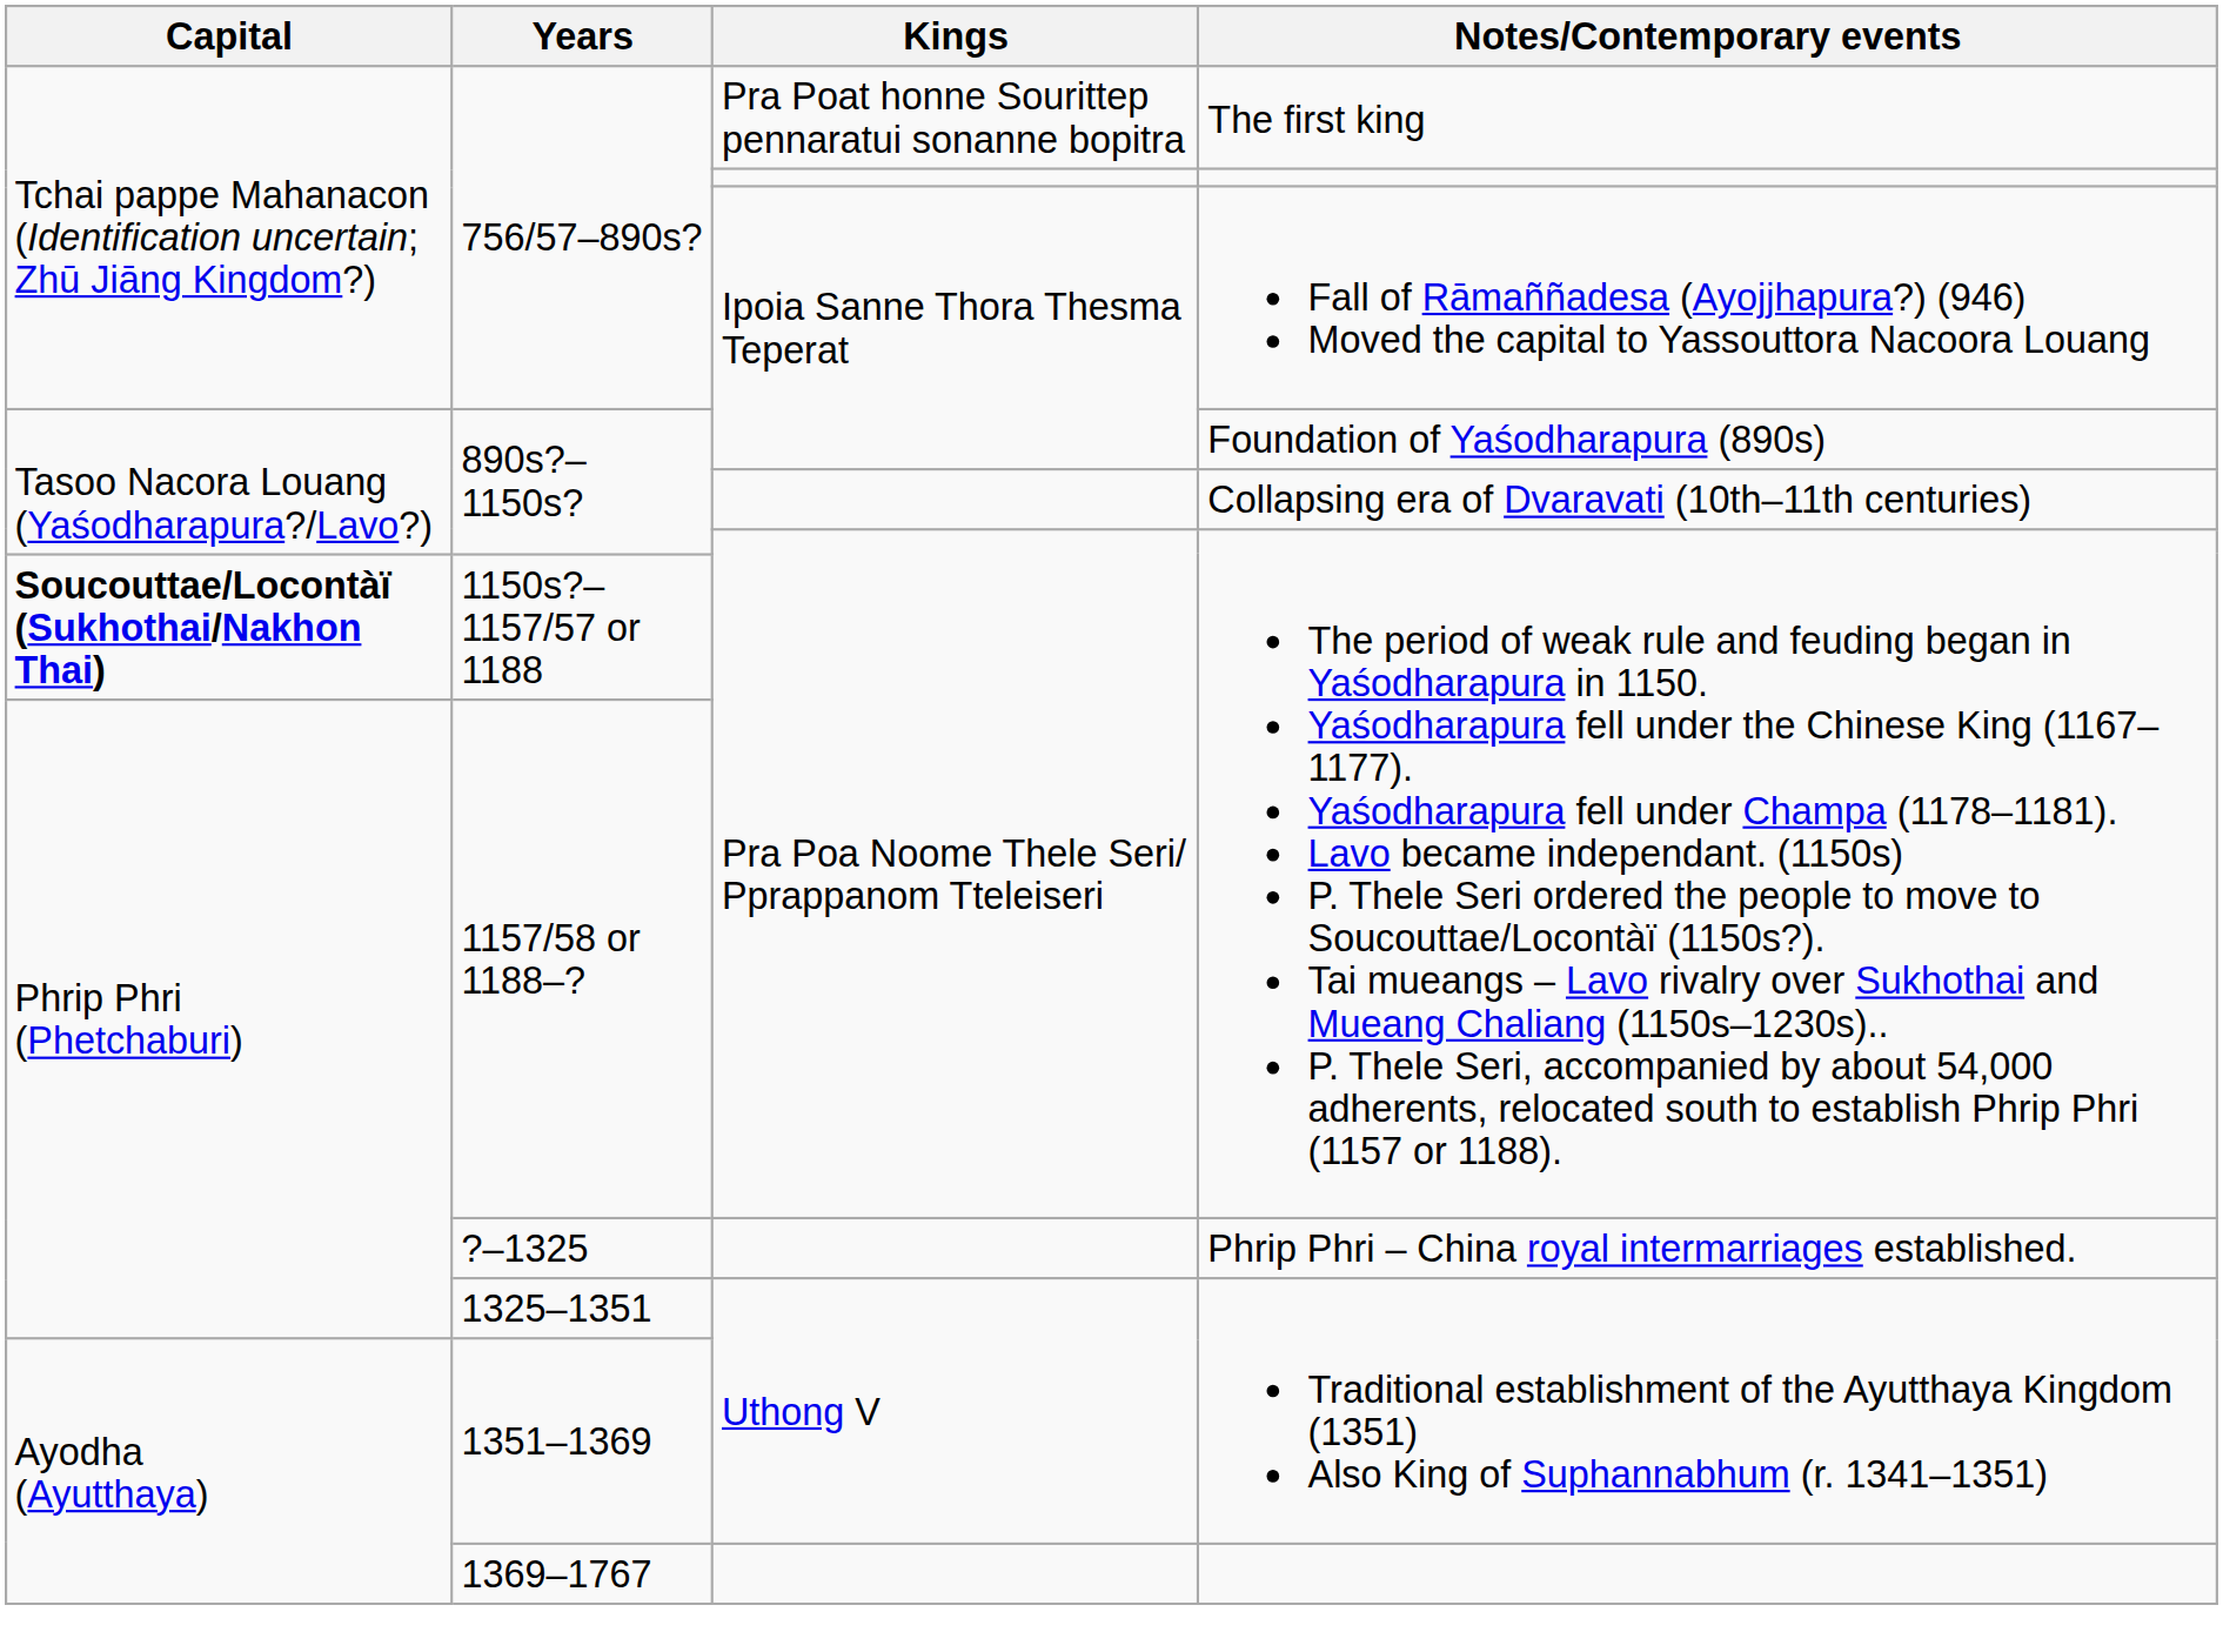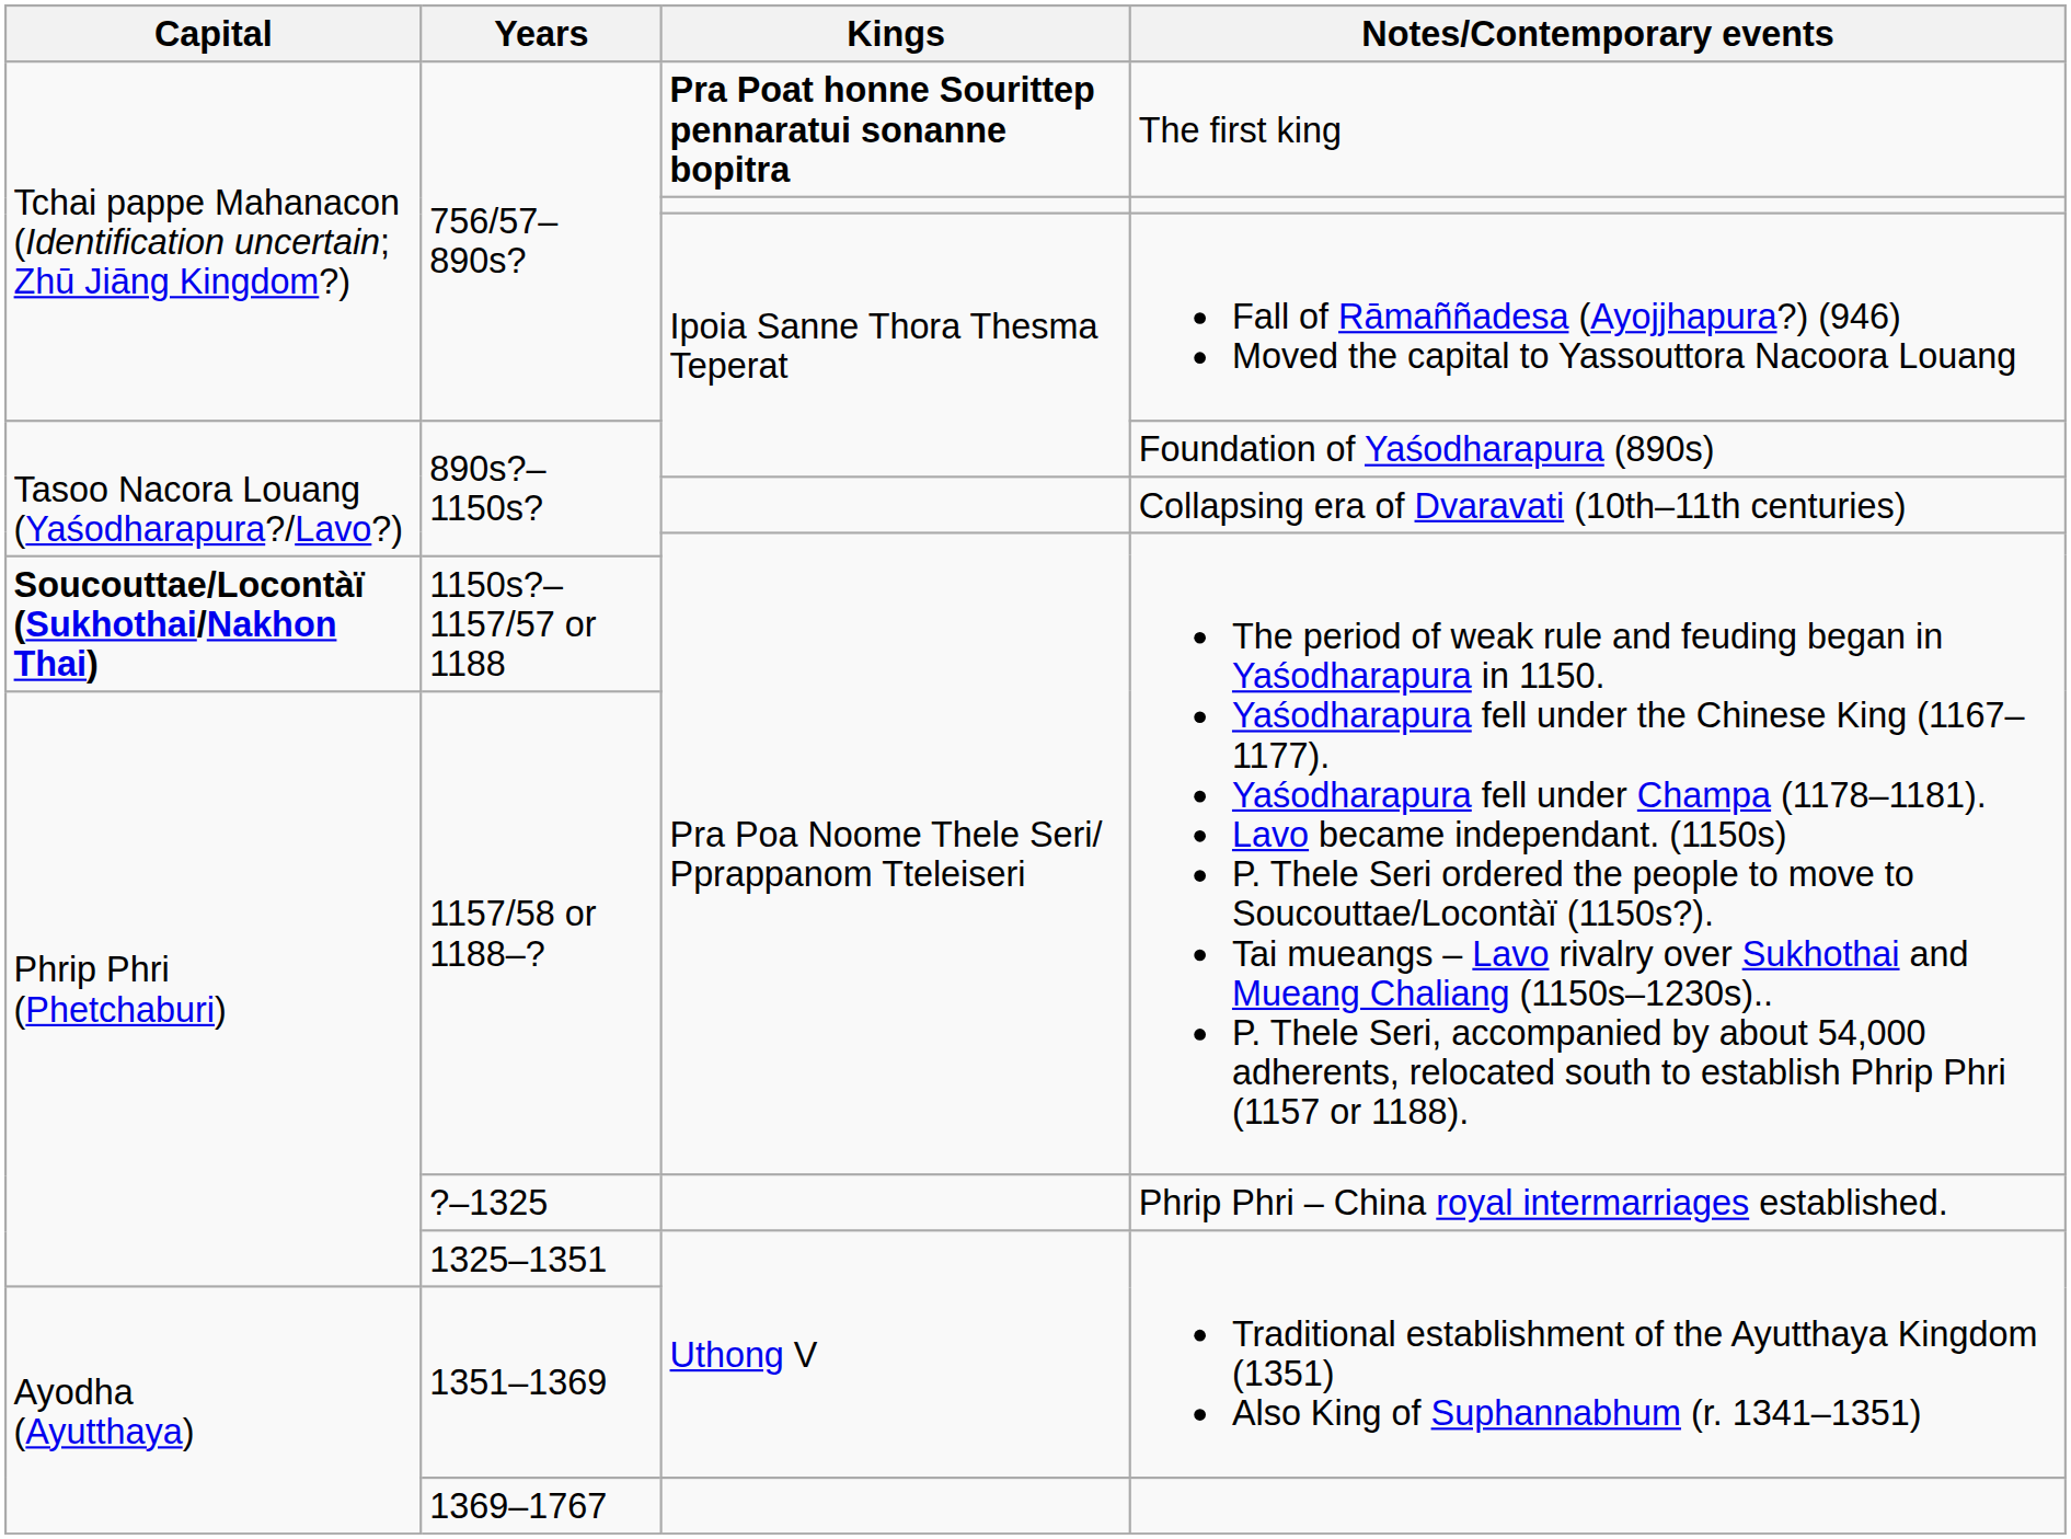 <table class="wikitable" style="font-size:95%;width:100%">
 <tr>
 <th>Capital</th>
 <th>Years</th>
 <th>Kings</th>
 <th>Notes/Contemporary events</th>
 </tr>
 <tr>
 <td rowspan=3>Tchai pappe Mahanacon<br>(<em>Identification uncertain</em>;<br><a href='#'>Zhū Jiāng Kingdom</a>?)</td>
 <td rowspan=3>756/57–890s?</td>
-<td>Pra Poat honne Sourittep pennaratui sonanne bopitra</td>
+<td><strong>Pra Poat honne Sourittep pennaratui sonanne bopitra</strong></td>
 <td>The first king</td>
 </tr>
 <tr>
 <td></td>
 </tr>
 <tr>
 <td rowspan=2>Ipoia Sanne Thora Thesma Teperat</td>
 <td><br><ul><li>Fall of <a href='#'>Rāmaññadesa</a> (<a href='#'>Ayojjhapura</a>?) (946)</li><li>Moved the capital to Yassouttora Nacoora Louang</li></ul></td>
 </tr>
 <tr>
 <td rowspan=3><br>Tasoo Nacora Louang<br>(<a href='#'>Yaśodharapura</a>?/<a href='#'>Lavo</a>?)</td>
 <td rowspan=3>890s?–1150s?</td>
 <td>Foundation of <a href='#'>Yaśodharapura</a> (890s)</td>
 </tr>
 <tr>
 <td></td>
 <td>Collapsing era of <a href='#'>Dvaravati</a> (10th–11th centuries)</td>
 </tr>
 <tr>
 <td rowspan=3>Pra Poa Noome Thele Seri/ Pprappanom Tteleiseri</td>
 <td rowspan=3><br><ul><li>The period of weak rule and feuding began in <a href='#'>Yaśodharapura</a> in 1150.</li><li><a href='#'>Yaśodharapura</a> fell under the Chinese King (1167–1177).</li><li><a href='#'>Yaśodharapura</a> fell under <a href='#'>Champa</a> (1178–1181).</li><li><a href='#'>Lavo</a> became independant. (1150s)</li><li>P. Thele Seri ordered the people to move to Soucouttae/Locontàï (1150s?).</li><li>Tai mueangs – <a href='#'>Lavo</a> rivalry over <a href='#'>Sukhothai</a> and <a href='#'>Mueang Chaliang</a> (1150s–1230s)..</li><li>P. Thele Seri, accompanied by about 54,000 adherents, relocated south to establish Phrip Phri (1157 or 1188).</li></ul></td>
 </tr>
 <tr>
 <td><strong>Soucouttae/Locontàï<br>(<a href='#'>Sukhothai</a>/<a href='#'>Nakhon Thai</a>)</strong></td>
 <td>1150s?–1157/57 or 1188</td>
 </tr>
 <tr>
 <td rowspan=3>Phrip Phri<br>(<a href='#'>Phetchaburi</a>)</td>
 <td>1157/58 or 1188–?</td>
 </tr>
 <tr>
 <td>?–1325</td>
 <td></td>
 <td>Phrip Phri – China <a href='#'>royal intermarriages</a> established.</td>
 </tr>
 <tr>
 <td>1325–1351</td>
 <td rowspan=2><a href='#'>Uthong</a> V</td>
 <td rowspan=2><br><ul><li>Traditional establishment of the Ayutthaya Kingdom (1351)</li><li>Also King of <a href='#'>Suphannabhum</a> (r. 1341–1351)</li></ul></td>
 </tr>
 <tr>
 <td rowspan=2>Ayodha<br>(<a href='#'>Ayutthaya</a>)</td>
 <td>1351–1369</td>
 </tr>
 <tr>
 <td>1369–1767</td>
 <td></td>
 <td></td>
 </tr>
 </table>
